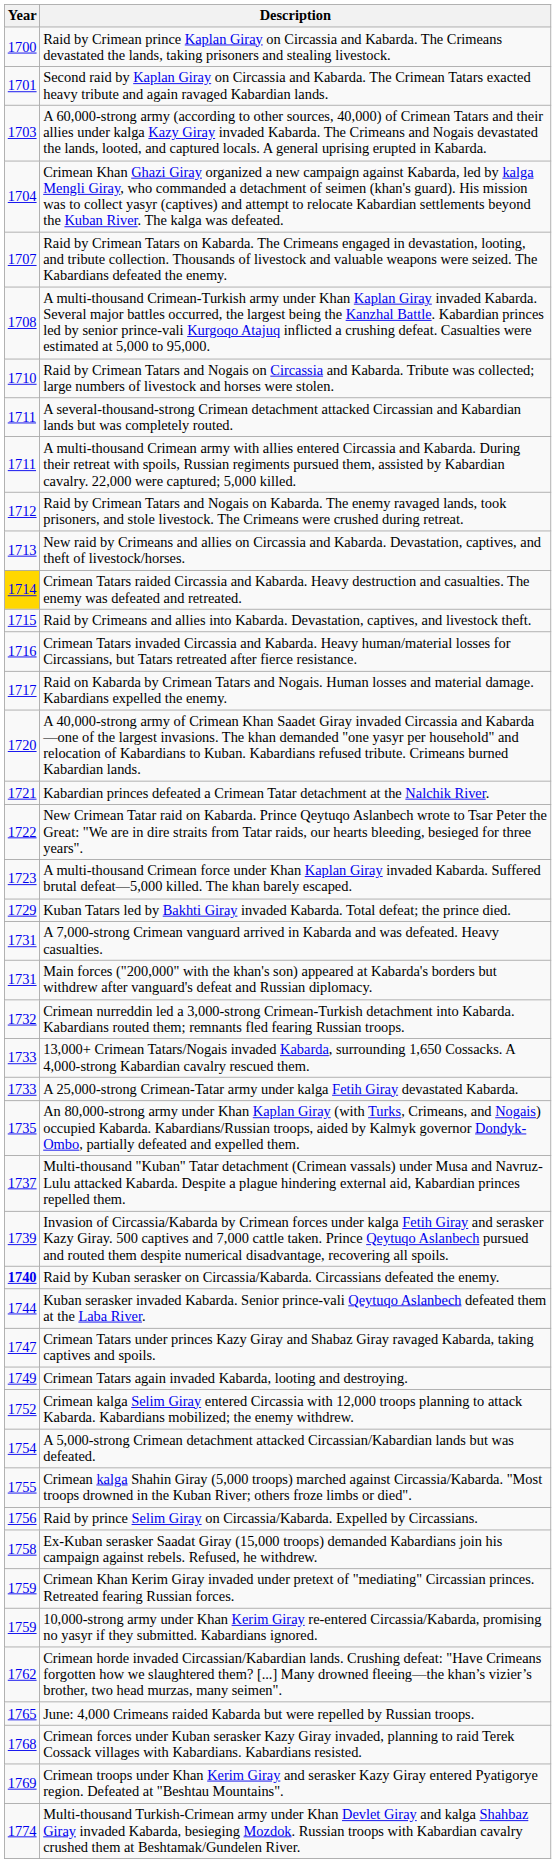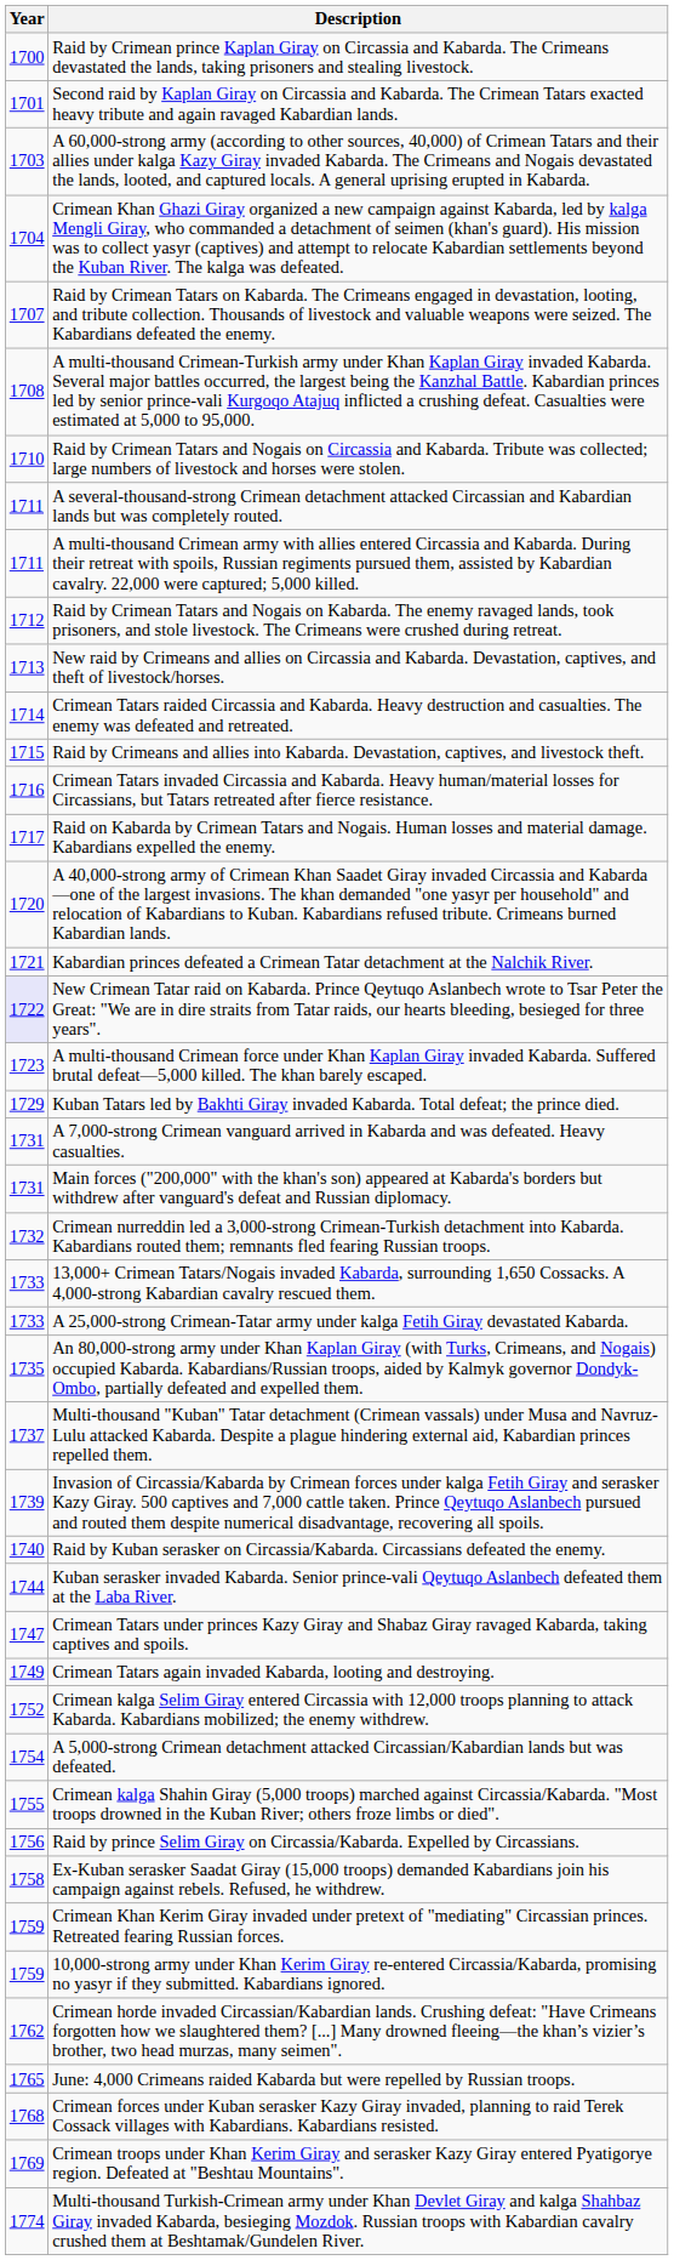 <table class="wikitable">
 <tr>
 <th>Year</th>
 <th>Description</th>
 </tr>
 <tr>
 <td><a href='#'>1700</a></td>
 <td>Raid by Crimean prince <a href='#'>Kaplan Giray</a> on Circassia and Kabarda. The Crimeans devastated the lands, taking prisoners and stealing livestock.</td>
 </tr>
 <tr>
 <td><a href='#'>1701</a></td>
 <td>Second raid by <a href='#'>Kaplan Giray</a> on Circassia and Kabarda. The Crimean Tatars exacted heavy tribute and again ravaged Kabardian lands.</td>
 </tr>
 <tr>
 <td><a href='#'>1703</a></td>
 <td>A 60,000-strong army (according to other sources, 40,000) of Crimean Tatars and their allies under kalga <a href='#'>Kazy Giray</a> invaded Kabarda. The Crimeans and Nogais devastated the lands, looted, and captured locals. A general uprising erupted in Kabarda.</td>
 </tr>
 <tr>
 <td><a href='#'>1704</a></td>
 <td>Crimean Khan <a href='#'>Ghazi Giray</a> organized a new campaign against Kabarda, led by <a href='#'>kalga</a> <a href='#'>Mengli Giray</a>, who commanded a detachment of seimen (khan's guard). His mission was to collect yasyr (captives) and attempt to relocate Kabardian settlements beyond the <a href='#'>Kuban River</a>. The kalga was defeated.</td>
 </tr>
 <tr>
 <td><a href='#'>1707</a></td>
 <td>Raid by Crimean Tatars on Kabarda. The Crimeans engaged in devastation, looting, and tribute collection. Thousands of livestock and valuable weapons were seized. The Kabardians defeated the enemy.</td>
 </tr>
 <tr>
 <td><a href='#'>1708</a></td>
 <td>A multi-thousand Crimean-Turkish army under Khan <a href='#'>Kaplan Giray</a> invaded Kabarda. Several major battles occurred, the largest being the <a href='#'>Kanzhal Battle</a>. Kabardian princes led by senior prince-vali <a href='#'>Kurgoqo Atajuq</a> inflicted a crushing defeat. Casualties were estimated at 5,000 to 95,000.</td>
 </tr>
 <tr>
 <td><a href='#'>1710</a></td>
 <td>Raid by Crimean Tatars and Nogais on <a href='#'>Circassia</a> and Kabarda. Tribute was collected; large numbers of livestock and horses were stolen.</td>
 </tr>
 <tr>
 <td><a href='#'>1711</a></td>
 <td>A several-thousand-strong Crimean detachment attacked Circassian and Kabardian lands but was completely routed.</td>
 </tr>
 <tr>
 <td><a href='#'>1711</a></td>
 <td>A multi-thousand Crimean army with allies entered Circassia and Kabarda. During their retreat with spoils, Russian regiments pursued them, assisted by Kabardian cavalry. 22,000 were captured; 5,000 killed.</td>
 </tr>
 <tr>
 <td><a href='#'>1712</a></td>
 <td>Raid by Crimean Tatars and Nogais on Kabarda. The enemy ravaged lands, took prisoners, and stole livestock. The Crimeans were crushed during retreat.</td>
 </tr>
 <tr>
 <td><a href='#'>1713</a></td>
 <td>New raid by Crimeans and allies on Circassia and Kabarda. Devastation, captives, and theft of livestock/horses.</td>
 </tr>
 <tr>
-<td style="background: gold;"><a href='#'>1714</a></td>
+<td><a href='#'>1714</a></td>
 <td>Crimean Tatars raided Circassia and Kabarda. Heavy destruction and casualties. The enemy was defeated and retreated.</td>
 </tr>
 <tr>
 <td><a href='#'>1715</a></td>
 <td>Raid by Crimeans and allies into Kabarda. Devastation, captives, and livestock theft.</td>
 </tr>
 <tr>
 <td><a href='#'>1716</a></td>
 <td>Crimean Tatars invaded Circassia and Kabarda. Heavy human/material losses for Circassians, but Tatars retreated after fierce resistance.</td>
 </tr>
 <tr>
 <td><a href='#'>1717</a></td>
 <td>Raid on Kabarda by Crimean Tatars and Nogais. Human losses and material damage. Kabardians expelled the enemy.</td>
 </tr>
 <tr>
 <td><a href='#'>1720</a></td>
 <td>A 40,000-strong army of Crimean Khan Saadet Giray invaded Circassia and Kabarda—one of the largest invasions. The khan demanded "one yasyr per household" and relocation of Kabardians to Kuban. Kabardians refused tribute. Crimeans burned Kabardian lands.</td>
 </tr>
 <tr>
 <td><a href='#'>1721</a></td>
 <td>Kabardian princes defeated a Crimean Tatar detachment at the <a href='#'>Nalchik River</a>.</td>
 </tr>
 <tr>
-<td><a href='#'>1722</a></td>
+<td style="background: lavender;"><a href='#'>1722</a></td>
 <td>New Crimean Tatar raid on Kabarda. Prince Qeytuqo Aslanbech wrote to Tsar Peter the Great: "We are in dire straits from Tatar raids, our hearts bleeding, besieged for three years".</td>
 </tr>
 <tr>
 <td><a href='#'>1723</a></td>
 <td>A multi-thousand Crimean force under Khan <a href='#'>Kaplan Giray</a> invaded Kabarda. Suffered brutal defeat—5,000 killed. The khan barely escaped.</td>
 </tr>
 <tr>
 <td><a href='#'>1729</a></td>
 <td>Kuban Tatars led by <a href='#'>Bakhti Giray</a> invaded Kabarda. Total defeat; the prince died.</td>
 </tr>
 <tr>
 <td><a href='#'>1731</a></td>
 <td>A 7,000-strong Crimean vanguard arrived in Kabarda and was defeated. Heavy casualties.</td>
 </tr>
 <tr>
 <td><a href='#'>1731</a></td>
 <td>Main forces ("200,000" with the khan's son) appeared at Kabarda's borders but withdrew after vanguard's defeat and Russian diplomacy.</td>
 </tr>
 <tr>
 <td><a href='#'>1732</a></td>
 <td>Crimean nurreddin led a 3,000-strong Crimean-Turkish detachment into Kabarda. Kabardians routed them; remnants fled fearing Russian troops.</td>
 </tr>
 <tr>
 <td><a href='#'>1733</a></td>
 <td>13,000+ Crimean Tatars/Nogais invaded <a href='#'>Kabarda</a>, surrounding 1,650 Cossacks. A 4,000-strong Kabardian cavalry rescued them.</td>
 </tr>
 <tr>
 <td><a href='#'>1733</a></td>
 <td>A 25,000-strong Crimean-Tatar army under kalga <a href='#'>Fetih Giray</a> devastated Kabarda.</td>
 </tr>
 <tr>
 <td><a href='#'>1735</a></td>
 <td>An 80,000-strong army under Khan <a href='#'>Kaplan Giray</a> (with <a href='#'>Turks</a>, Crimeans, and <a href='#'>Nogais</a>) occupied Kabarda. Kabardians/Russian troops, aided by Kalmyk governor <a href='#'>Dondyk-Ombo</a>, partially defeated and expelled them.</td>
 </tr>
 <tr>
 <td><a href='#'>1737</a></td>
 <td>Multi-thousand "Kuban" Tatar detachment (Crimean vassals) under Musa and Navruz-Lulu attacked Kabarda. Despite a plague hindering external aid, Kabardian princes repelled them.</td>
 </tr>
 <tr>
 <td><a href='#'>1739</a></td>
 <td>Invasion of Circassia/Kabarda by Crimean forces under kalga <a href='#'>Fetih Giray</a> and serasker Kazy Giray. 500 captives and 7,000 cattle taken. Prince <a href='#'>Qeytuqo Aslanbech</a> pursued and routed them despite numerical disadvantage, recovering all spoils.</td>
 </tr>
 <tr>
-<td><strong><a href='#'>1740</a></strong></td>
+<td><a href='#'>1740</a></td>
 <td>Raid by Kuban serasker on Circassia/Kabarda. Circassians defeated the enemy.</td>
 </tr>
 <tr>
 <td><a href='#'>1744</a></td>
 <td>Kuban serasker invaded Kabarda. Senior prince-vali <a href='#'>Qeytuqo Aslanbech</a> defeated them at the <a href='#'>Laba River</a>.</td>
 </tr>
 <tr>
 <td><a href='#'>1747</a></td>
 <td>Crimean Tatars under princes Kazy Giray and Shabaz Giray ravaged Kabarda, taking captives and spoils.</td>
 </tr>
 <tr>
 <td><a href='#'>1749</a></td>
 <td>Crimean Tatars again invaded Kabarda, looting and destroying.</td>
 </tr>
 <tr>
 <td><a href='#'>1752</a></td>
 <td>Crimean kalga <a href='#'>Selim Giray</a> entered Circassia with 12,000 troops planning to attack Kabarda. Kabardians mobilized; the enemy withdrew.</td>
 </tr>
 <tr>
 <td><a href='#'>1754</a></td>
 <td>A 5,000-strong Crimean detachment attacked Circassian/Kabardian lands but was defeated.</td>
 </tr>
 <tr>
 <td><a href='#'>1755</a></td>
 <td>Crimean <a href='#'>kalga</a> Shahin Giray (5,000 troops) marched against Circassia/Kabarda. "Most troops drowned in the Kuban River; others froze limbs or died".</td>
 </tr>
 <tr>
 <td><a href='#'>1756</a></td>
 <td>Raid by prince <a href='#'>Selim Giray</a> on Circassia/Kabarda. Expelled by Circassians.</td>
 </tr>
 <tr>
 <td><a href='#'>1758</a></td>
 <td>Ex-Kuban serasker Saadat Giray (15,000 troops) demanded Kabardians join his campaign against rebels. Refused, he withdrew.</td>
 </tr>
 <tr>
 <td><a href='#'>1759</a></td>
 <td>Crimean Khan Kerim Giray invaded under pretext of "mediating" Circassian princes. Retreated fearing Russian forces.</td>
 </tr>
 <tr>
 <td><a href='#'>1759</a></td>
 <td>10,000-strong army under Khan <a href='#'>Kerim Giray</a> re-entered Circassia/Kabarda, promising no yasyr if they submitted. Kabardians ignored.</td>
 </tr>
 <tr>
 <td><a href='#'>1762</a></td>
 <td>Crimean horde invaded Circassian/Kabardian lands. Crushing defeat: "Have Crimeans forgotten how we slaughtered them? [...] Many drowned fleeing—the khan’s vizier’s brother, two head murzas, many seimen".</td>
 </tr>
 <tr>
 <td><a href='#'>1765</a></td>
 <td>June: 4,000 Crimeans raided Kabarda but were repelled by Russian troops.</td>
 </tr>
 <tr>
 <td><a href='#'>1768</a></td>
 <td>Crimean forces under Kuban serasker Kazy Giray invaded, planning to raid Terek Cossack villages with Kabardians. Kabardians resisted.</td>
 </tr>
 <tr>
 <td><a href='#'>1769</a></td>
 <td>Crimean troops under Khan <a href='#'>Kerim Giray</a> and serasker Kazy Giray entered Pyatigorye region. Defeated at "Beshtau Mountains".</td>
 </tr>
 <tr>
 <td><a href='#'>1774</a></td>
 <td>Multi-thousand Turkish-Crimean army under Khan <a href='#'>Devlet Giray</a> and kalga <a href='#'>Shahbaz Giray</a> invaded Kabarda, besieging <a href='#'>Mozdok</a>. Russian troops with Kabardian cavalry crushed them at Beshtamak/Gundelen River.</td>
 </tr>
 </table>
